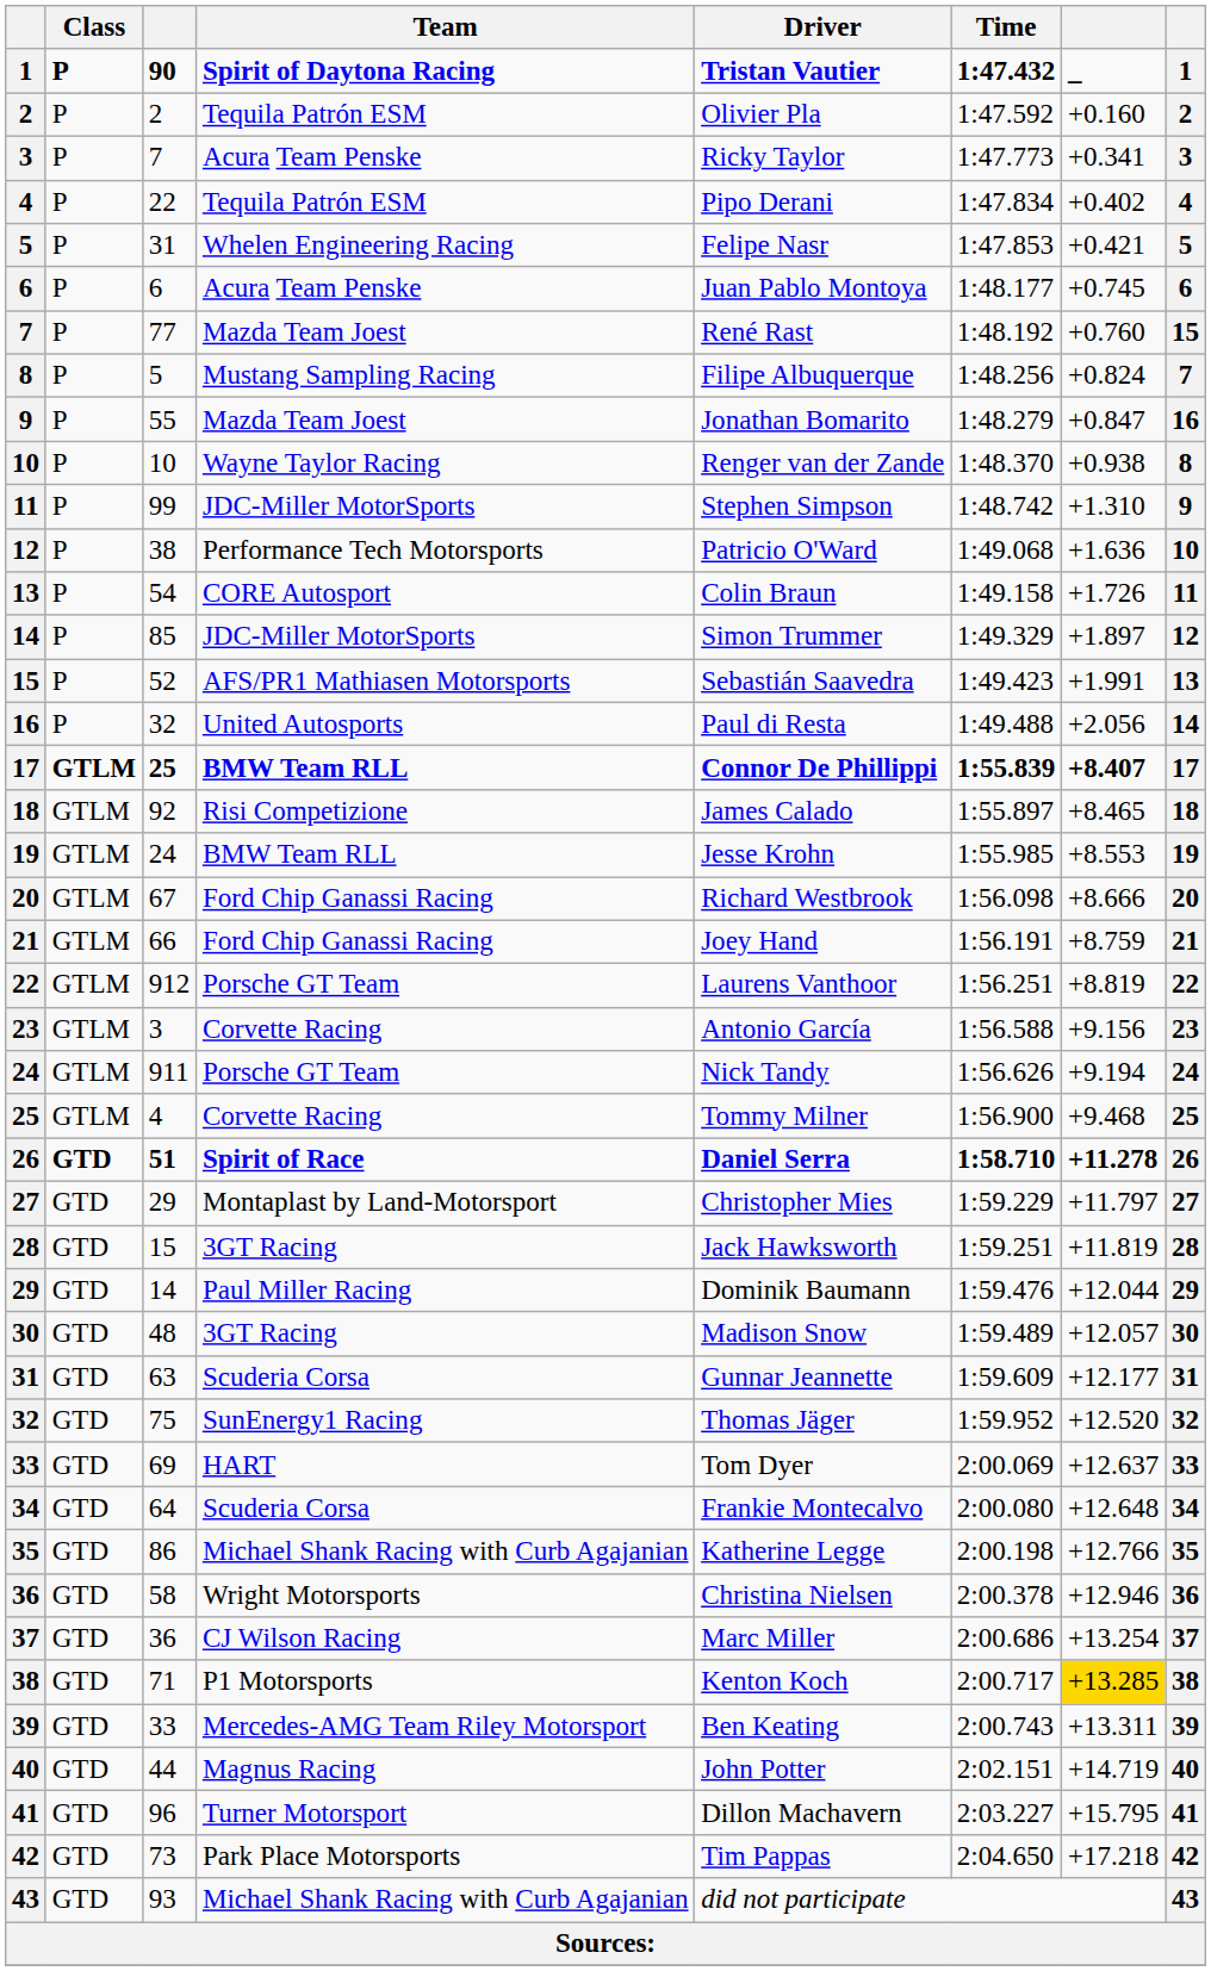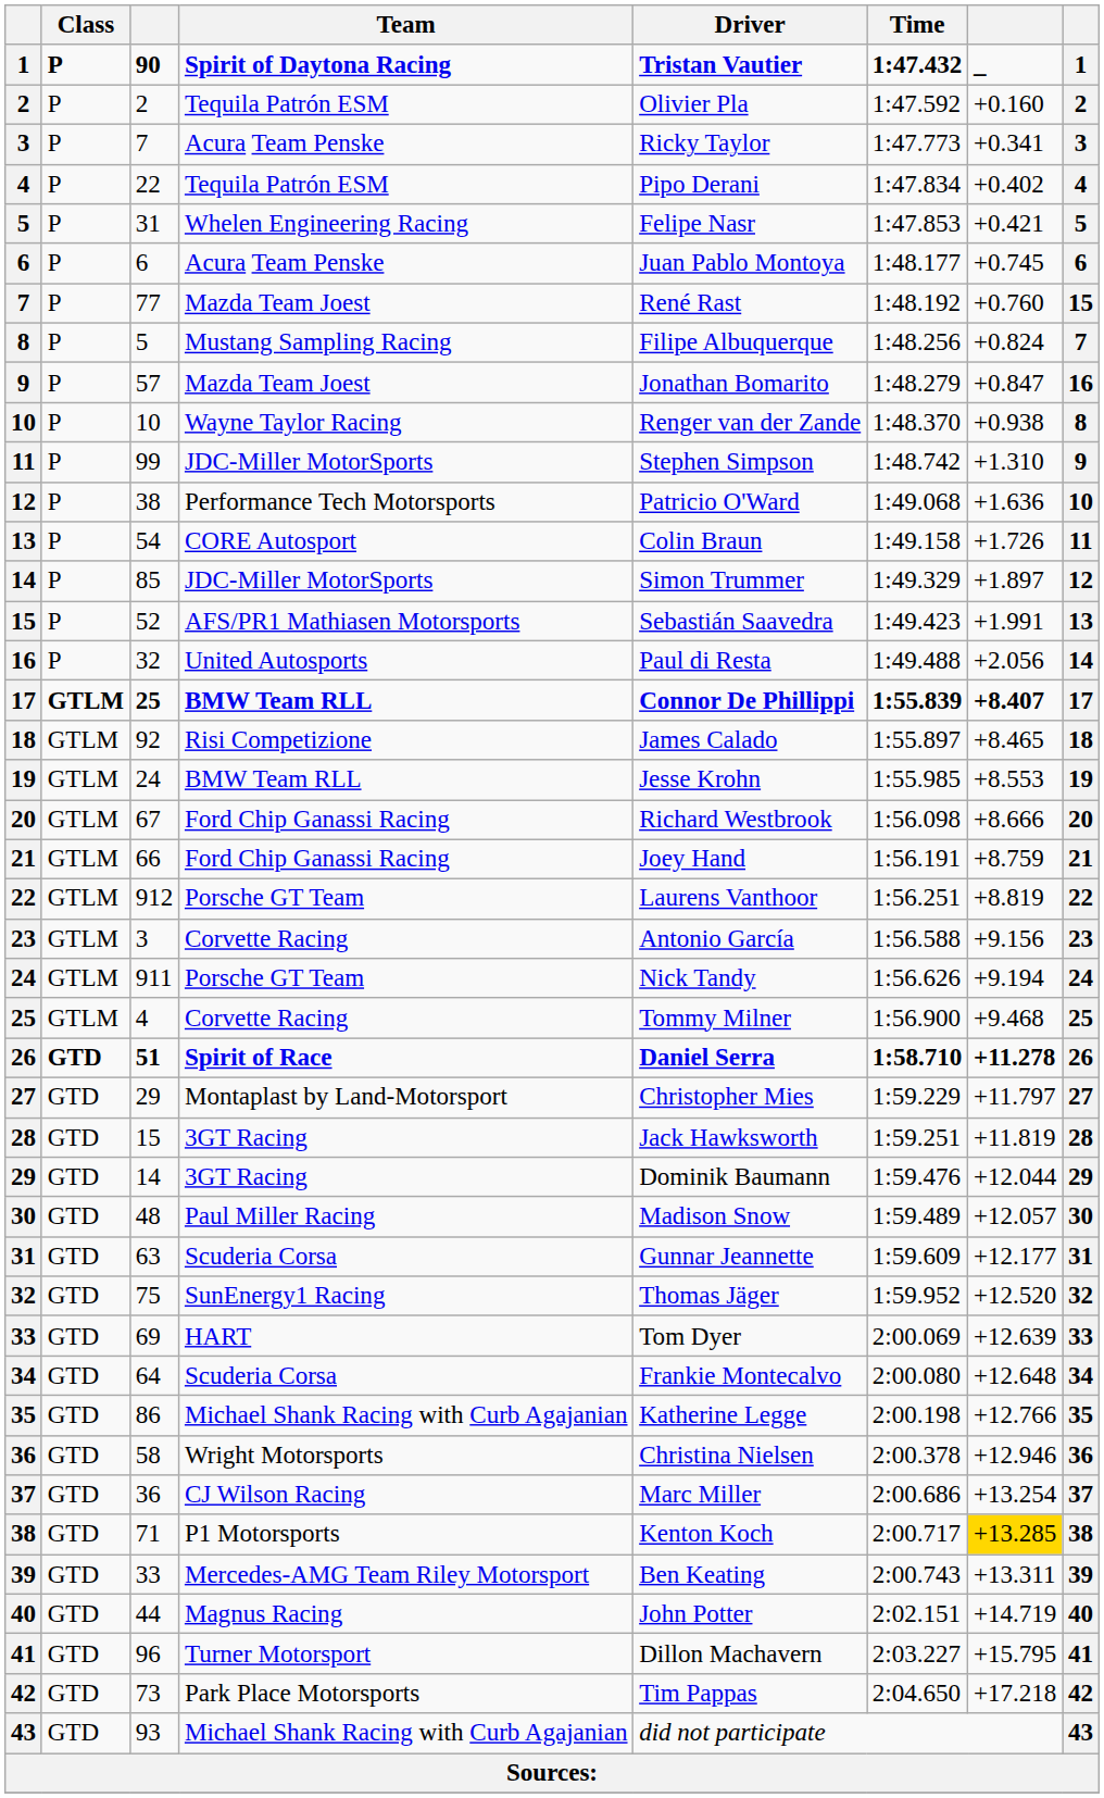 <table class="wikitable">
 <tr>
 <th scope="col"></th>
 <th scope="col">Class</th>
 <th scope="col"></th>
 <th scope="col">Team</th>
 <th scope="col">Driver</th>
 <th scope="col">Time</th>
 <th scope="col"></th>
 <th scope="col"></th>
 </tr>
 <tr style="font-weight:bold">
 <th scope="row">1</th>
 <td>P</td>
 <td>90</td>
 <td> <a href='#'>Spirit of Daytona Racing</a></td>
 <td> <a href='#'>Tristan Vautier</a></td>
 <td>1:47.432</td>
 <td>_</td>
 <th>1</th>
 </tr>
 <tr>
 <th scope="row">2</th>
 <td>P</td>
 <td>2</td>
 <td> <a href='#'>Tequila Patrón ESM</a></td>
 <td> <a href='#'>Olivier Pla</a></td>
 <td>1:47.592</td>
 <td>+0.160</td>
 <th>2</th>
 </tr>
 <tr>
 <th scope="row">3</th>
 <td>P</td>
 <td>7</td>
 <td> <a href='#'>Acura</a> <a href='#'>Team Penske</a></td>
 <td> <a href='#'>Ricky Taylor</a></td>
 <td>1:47.773</td>
 <td>+0.341</td>
 <th>3</th>
 </tr>
 <tr>
 <th scope="row">4</th>
 <td>P</td>
 <td>22</td>
 <td> <a href='#'>Tequila Patrón ESM</a></td>
 <td> <a href='#'>Pipo Derani</a></td>
 <td>1:47.834</td>
 <td>+0.402</td>
 <th>4</th>
 </tr>
 <tr>
 <th scope="row">5</th>
 <td>P</td>
 <td>31</td>
 <td> <a href='#'>Whelen Engineering Racing</a></td>
 <td> <a href='#'>Felipe Nasr</a></td>
 <td>1:47.853</td>
 <td>+0.421</td>
 <th>5</th>
 </tr>
 <tr>
 <th scope="row">6</th>
 <td>P</td>
 <td>6</td>
 <td> <a href='#'>Acura</a> <a href='#'>Team Penske</a></td>
 <td> <a href='#'>Juan Pablo Montoya</a></td>
 <td>1:48.177</td>
 <td>+0.745</td>
 <th>6</th>
 </tr>
 <tr>
 <th scope="row">7</th>
 <td>P</td>
 <td>77</td>
 <td> <a href='#'>Mazda Team Joest</a></td>
 <td> <a href='#'>René Rast</a></td>
 <td>1:48.192</td>
 <td>+0.760</td>
 <th>15</th>
 </tr>
 <tr>
 <th scope="row">8</th>
 <td>P</td>
 <td>5</td>
 <td> <a href='#'>Mustang Sampling Racing</a></td>
 <td> <a href='#'>Filipe Albuquerque</a></td>
 <td>1:48.256</td>
 <td>+0.824</td>
 <th>7</th>
 </tr>
 <tr>
 <th scope="row">9</th>
 <td>P</td>
-<td>55</td>
+<td>57</td>
 <td> <a href='#'>Mazda Team Joest</a></td>
 <td> <a href='#'>Jonathan Bomarito</a></td>
 <td>1:48.279</td>
 <td>+0.847</td>
 <th>16</th>
 </tr>
 <tr>
 <th scope="row">10</th>
 <td>P</td>
 <td>10</td>
 <td> <a href='#'>Wayne Taylor Racing</a></td>
 <td> <a href='#'>Renger van der Zande</a></td>
 <td>1:48.370</td>
 <td>+0.938</td>
 <th>8</th>
 </tr>
 <tr>
 <th scope="row">11</th>
 <td>P</td>
 <td>99</td>
 <td> <a href='#'>JDC-Miller MotorSports</a></td>
 <td> <a href='#'>Stephen Simpson</a></td>
 <td>1:48.742</td>
 <td>+1.310</td>
 <th>9</th>
 </tr>
 <tr>
 <th scope="row">12</th>
 <td>P</td>
 <td>38</td>
 <td> Performance Tech Motorsports</td>
 <td> <a href='#'>Patricio O'Ward</a></td>
 <td>1:49.068</td>
 <td>+1.636</td>
 <th>10</th>
 </tr>
 <tr>
 <th scope="row">13</th>
 <td>P</td>
 <td>54</td>
 <td> <a href='#'>CORE Autosport</a></td>
 <td> <a href='#'>Colin Braun</a></td>
 <td>1:49.158</td>
 <td>+1.726</td>
 <th>11</th>
 </tr>
 <tr>
 <th scope="row">14</th>
 <td>P</td>
 <td>85</td>
 <td> <a href='#'>JDC-Miller MotorSports</a></td>
 <td> <a href='#'>Simon Trummer</a></td>
 <td>1:49.329</td>
 <td>+1.897</td>
 <th>12</th>
 </tr>
 <tr>
 <th scope="row">15</th>
 <td>P</td>
 <td>52</td>
 <td> <a href='#'>AFS/PR1 Mathiasen Motorsports</a></td>
 <td> <a href='#'>Sebastián Saavedra</a></td>
 <td>1:49.423</td>
 <td>+1.991</td>
 <th>13</th>
 </tr>
 <tr>
 <th scope="row">16</th>
 <td>P</td>
 <td>32</td>
 <td> <a href='#'>United Autosports</a></td>
 <td> <a href='#'>Paul di Resta</a></td>
 <td>1:49.488</td>
 <td>+2.056</td>
 <th>14</th>
 </tr>
 <tr style="font-weight:bold">
 <th scope="row">17</th>
 <td>GTLM</td>
 <td>25</td>
 <td> <a href='#'>BMW Team RLL</a></td>
 <td> <a href='#'>Connor De Phillippi</a></td>
 <td>1:55.839</td>
 <td>+8.407</td>
 <th>17</th>
 </tr>
 <tr>
 <th scope="row">18</th>
 <td>GTLM</td>
 <td>92</td>
 <td> <a href='#'>Risi Competizione</a></td>
 <td> <a href='#'>James Calado</a></td>
 <td>1:55.897</td>
 <td>+8.465</td>
 <th>18</th>
 </tr>
 <tr>
 <th scope="row">19</th>
 <td>GTLM</td>
 <td>24</td>
 <td> <a href='#'>BMW Team RLL</a></td>
 <td> <a href='#'>Jesse Krohn</a></td>
 <td>1:55.985</td>
 <td>+8.553</td>
 <th>19</th>
 </tr>
 <tr>
 <th scope="row">20</th>
 <td>GTLM</td>
 <td>67</td>
 <td> <a href='#'>Ford Chip Ganassi Racing</a></td>
 <td> <a href='#'>Richard Westbrook</a></td>
 <td>1:56.098</td>
 <td>+8.666</td>
 <th>20</th>
 </tr>
 <tr>
 <th scope="row">21</th>
 <td>GTLM</td>
 <td>66</td>
 <td> <a href='#'>Ford Chip Ganassi Racing</a></td>
 <td> <a href='#'>Joey Hand</a></td>
 <td>1:56.191</td>
 <td>+8.759</td>
 <th>21</th>
 </tr>
 <tr>
 <th scope="row">22</th>
 <td>GTLM</td>
 <td>912</td>
 <td> <a href='#'>Porsche GT Team</a></td>
 <td> <a href='#'>Laurens Vanthoor</a></td>
 <td>1:56.251</td>
 <td>+8.819</td>
 <th>22</th>
 </tr>
 <tr>
 <th scope="row">23</th>
 <td>GTLM</td>
 <td>3</td>
 <td> <a href='#'>Corvette Racing</a></td>
 <td> <a href='#'>Antonio García</a></td>
 <td>1:56.588</td>
 <td>+9.156</td>
 <th>23</th>
 </tr>
 <tr>
 <th scope="row">24</th>
 <td>GTLM</td>
 <td>911</td>
 <td> <a href='#'>Porsche GT Team</a></td>
 <td> <a href='#'>Nick Tandy</a></td>
 <td>1:56.626</td>
 <td>+9.194</td>
 <th>24</th>
 </tr>
 <tr>
 <th scope="row">25</th>
 <td>GTLM</td>
 <td>4</td>
 <td> <a href='#'>Corvette Racing</a></td>
 <td> <a href='#'>Tommy Milner</a></td>
 <td>1:56.900</td>
 <td>+9.468</td>
 <th><strong>25</strong></th>
 </tr>
 <tr style="font-weight:bold">
 <th scope="row">26</th>
 <td>GTD</td>
 <td>51</td>
 <td> <a href='#'>Spirit of Race</a></td>
 <td> <a href='#'>Daniel Serra</a></td>
 <td>1:58.710</td>
 <td>+11.278</td>
 <th>26</th>
 </tr>
 <tr>
 <th scope="row">27</th>
 <td>GTD</td>
 <td>29</td>
 <td> Montaplast by Land-Motorsport</td>
 <td> <a href='#'>Christopher Mies</a></td>
 <td>1:59.229</td>
 <td>+11.797</td>
 <th>27</th>
 </tr>
 <tr>
 <th scope="row">28</th>
 <td>GTD</td>
 <td>15</td>
 <td> <a href='#'>3GT Racing</a></td>
 <td> <a href='#'>Jack Hawksworth</a></td>
 <td>1:59.251</td>
 <td>+11.819</td>
 <th>28</th>
 </tr>
 <tr>
 <th scope="row">29</th>
 <td>GTD</td>
 <td>14</td>
-<td> <a href='#'>Paul Miller Racing</a></td>
+<td> <a href='#'>3GT Racing</a></td>
 <td> Dominik Baumann</td>
 <td>1:59.476</td>
 <td>+12.044</td>
 <th>29</th>
 </tr>
 <tr>
 <th scope="row">30</th>
 <td>GTD</td>
 <td>48</td>
-<td> <a href='#'>3GT Racing</a></td>
+<td> <a href='#'>Paul Miller Racing</a></td>
 <td> <a href='#'>Madison Snow</a></td>
 <td>1:59.489</td>
 <td>+12.057</td>
 <th>30</th>
 </tr>
 <tr>
 <th scope="row">31</th>
 <td>GTD</td>
 <td>63</td>
 <td> <a href='#'>Scuderia Corsa</a></td>
 <td> <a href='#'>Gunnar Jeannette</a></td>
 <td>1:59.609</td>
 <td>+12.177</td>
 <th>31</th>
 </tr>
 <tr>
 <th scope="row">32</th>
 <td>GTD</td>
 <td>75</td>
 <td> <a href='#'>SunEnergy1 Racing</a></td>
 <td> <a href='#'>Thomas Jäger</a></td>
 <td>1:59.952</td>
 <td>+12.520</td>
 <th>32</th>
 </tr>
 <tr>
 <th scope="row">33</th>
 <td>GTD</td>
 <td>69</td>
 <td> <a href='#'>HART</a></td>
 <td> Tom Dyer</td>
 <td>2:00.069</td>
-<td>+12.637</td>
+<td>+12.639</td>
 <th>33</th>
 </tr>
 <tr>
 <th scope="row">34</th>
 <td>GTD</td>
 <td>64</td>
 <td> <a href='#'>Scuderia Corsa</a></td>
 <td> <a href='#'>Frankie Montecalvo</a></td>
 <td>2:00.080</td>
 <td>+12.648</td>
 <th>34</th>
 </tr>
 <tr>
 <th scope="row">35</th>
 <td>GTD</td>
 <td>86</td>
 <td> <a href='#'>Michael Shank Racing</a> with <a href='#'>Curb Agajanian</a></td>
 <td> <a href='#'>Katherine Legge</a></td>
 <td>2:00.198</td>
 <td>+12.766</td>
 <th>35</th>
 </tr>
 <tr>
 <th scope="row">36</th>
 <td>GTD</td>
 <td>58</td>
 <td> Wright Motorsports</td>
 <td> <a href='#'>Christina Nielsen</a></td>
 <td>2:00.378</td>
 <td>+12.946</td>
 <th>36</th>
 </tr>
 <tr>
 <th scope="row">37</th>
 <td>GTD</td>
 <td>36</td>
 <td> <a href='#'>CJ Wilson Racing</a></td>
 <td> <a href='#'>Marc Miller</a></td>
 <td>2:00.686</td>
 <td>+13.254</td>
 <th>37</th>
 </tr>
 <tr>
 <th scope="row">38</th>
 <td>GTD</td>
 <td>71</td>
 <td> P1 Motorsports</td>
 <td> <a href='#'>Kenton Koch</a></td>
 <td>2:00.717</td>
 <td style="background: gold;">+13.285</td>
 <th>38</th>
 </tr>
 <tr>
 <th scope="row">39</th>
 <td>GTD</td>
 <td>33</td>
 <td> <a href='#'>Mercedes-AMG Team Riley Motorsport</a></td>
 <td> <a href='#'>Ben Keating</a></td>
 <td>2:00.743</td>
 <td>+13.311</td>
 <th>39</th>
 </tr>
 <tr>
 <th scope="row">40</th>
 <td>GTD</td>
 <td>44</td>
 <td> <a href='#'>Magnus Racing</a></td>
 <td> <a href='#'>John Potter</a></td>
 <td>2:02.151</td>
 <td>+14.719</td>
 <th>40</th>
 </tr>
 <tr>
 <th scope="row">41</th>
 <td>GTD</td>
 <td>96</td>
 <td> <a href='#'>Turner Motorsport</a></td>
 <td> Dillon Machavern</td>
 <td>2:03.227</td>
 <td>+15.795</td>
 <th>41</th>
 </tr>
 <tr>
 <th scope="row">42</th>
 <td>GTD</td>
 <td>73</td>
 <td> Park Place Motorsports</td>
 <td> <a href='#'>Tim Pappas</a></td>
 <td>2:04.650</td>
 <td>+17.218</td>
 <th>42</th>
 </tr>
 <tr>
 <th scope="row">43</th>
 <td>GTD</td>
 <td>93</td>
 <td> <a href='#'>Michael Shank Racing</a> with <a href='#'>Curb Agajanian</a></td>
 <td colspan="3"><em>did not participate</em></td>
 <th>43</th>
 </tr>
 <tr>
 <th colspan="8">Sources:</th>
 </tr>
 <tr>
 </tr>
 </table>
